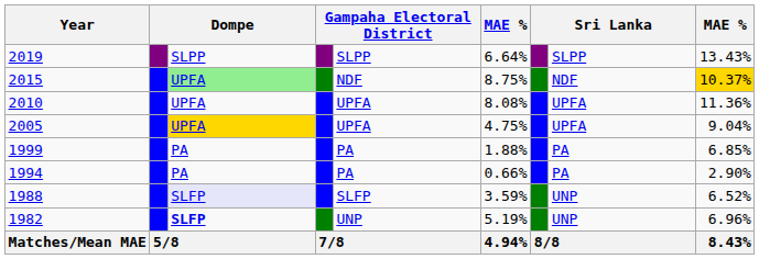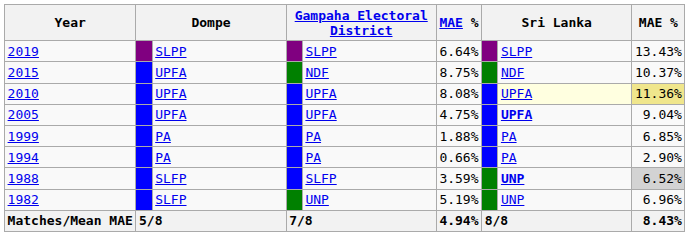 <table class="wikitable">
 <tr>
 <th>Year</th>
 <th colspan="2" width="144px">Dompe</th>
 <th colspan="2" width="144px"><a href='#'>Gampaha Electoral District</a></th>
 <th><a href='#'>MAE</a> %</th>
 <th colspan="2" width="144px">Sri Lanka</th>
 <th>MAE %</th>
 </tr>
 <tr>
 <td><a href='#'>2019</a></td>
 <td style="background-color:purple;" width="10px"></td>
 <td style="text-align:left;"><a href='#'>SLPP</a></td>
 <td style="background-color:purple;" width="10px"></td>
 <td style="text-align:left;"><a href='#'>SLPP</a></td>
 <td style="text-align:right;">6.64%</td>
 <td style="background-color:purple;" width="10px"></td>
 <td style="text-align:left;"><a href='#'>SLPP</a></td>
 <td style="text-align:right;">13.43%</td>
 </tr>
 <tr>
 <td><a href='#'>2015</a></td>
 <td style="background-color:blue;" width="10px"></td>
-<td style="background: lightgreen; text-align:left;"><a href='#'>UPFA</a></td>
+<td style="text-align:left;"><a href='#'>UPFA</a></td>
 <td style="background-color:green;" width="10px"></td>
 <td style="text-align:left;"><a href='#'>NDF</a></td>
 <td style="text-align:right;">8.75%</td>
 <td style="background-color:green;" width="10px"></td>
 <td style="text-align:left;"><a href='#'>NDF</a></td>
-<td style="background: gold; text-align:right;">10.37%</td>
+<td style="text-align:right;">10.37%</td>
 </tr>
 <tr>
 <td><a href='#'>2010</a></td>
 <td style="background-color:blue;" width="10px"></td>
 <td style="text-align:left;"><a href='#'>UPFA</a></td>
 <td style="background-color:blue;" width="10px"></td>
 <td style="text-align:left;"><a href='#'>UPFA</a></td>
 <td style="text-align:right;">8.08%</td>
 <td style="background-color:blue;" width="10px"></td>
-<td style="text-align:left;"><a href='#'>UPFA</a></td>
-<td style="text-align:right;">11.36%</td>
+<td style="background: lightyellow; text-align:left;"><a href='#'>UPFA</a></td>
+<td style="background: khaki; text-align:right;">11.36%</td>
 </tr>
 <tr>
 <td><a href='#'>2005</a></td>
 <td style="background-color:blue;" width="10px"></td>
-<td style="background: gold; text-align:left;"><a href='#'>UPFA</a></td>
+<td style="text-align:left;"><a href='#'>UPFA</a></td>
 <td style="background-color:blue;" width="10px"></td>
 <td style="text-align:left;"><a href='#'>UPFA</a></td>
 <td style="text-align:right;">4.75%</td>
 <td style="background-color:blue;" width="10px"></td>
-<td style="text-align:left;"><a href='#'>UPFA</a></td>
+<td style="text-align:left;"><strong><a href='#'>UPFA</a></strong></td>
 <td style="text-align:right;">9.04%</td>
 </tr>
 <tr>
 <td><a href='#'>1999</a></td>
 <td style="background-color:blue;" width="10px"></td>
 <td style="text-align:left;"><a href='#'>PA</a></td>
 <td style="background-color:blue;" width="10px"></td>
 <td style="text-align:left;"><a href='#'>PA</a></td>
 <td style="text-align:right;">1.88%</td>
 <td style="background-color:blue;" width="10px"></td>
 <td style="text-align:left;"><a href='#'>PA</a></td>
 <td style="text-align:right;">6.85%</td>
 </tr>
 <tr>
 <td><a href='#'>1994</a></td>
 <td style="background-color:blue;" width="10px"></td>
 <td style="text-align:left;"><a href='#'>PA</a></td>
 <td style="background-color:blue;" width="10px"></td>
 <td style="text-align:left;"><a href='#'>PA</a></td>
 <td style="text-align:right;">0.66%</td>
 <td style="background-color:blue;" width="10px"></td>
 <td style="text-align:left;"><a href='#'>PA</a></td>
 <td style="text-align:right;">2.90%</td>
 </tr>
 <tr>
 <td><a href='#'>1988</a></td>
 <td style="background-color:blue;" width="10px"></td>
-<td style="background: lavender; text-align:left;"><a href='#'>SLFP</a></td>
+<td style="text-align:left;"><a href='#'>SLFP</a></td>
 <td style="background-color:blue;" width="10px"></td>
 <td style="text-align:left;"><a href='#'>SLFP</a></td>
 <td style="text-align:right;">3.59%</td>
 <td style="background-color:green;" width="10px"></td>
-<td style="text-align:left;"><a href='#'>UNP</a></td>
-<td style="text-align:right;">6.52%</td>
+<td style="text-align:left;"><strong><a href='#'>UNP</a></strong></td>
+<td style="background: lightgrey; text-align:right;">6.52%</td>
 </tr>
 <tr>
 <td><a href='#'>1982</a></td>
 <td style="background-color:blue;" width="10px"></td>
-<td style="text-align:left;"><strong><a href='#'>SLFP</a></strong></td>
+<td style="text-align:left;"><a href='#'>SLFP</a></td>
 <td style="background-color:green;" width="10px"></td>
 <td style="text-align:left;"><a href='#'>UNP</a></td>
 <td style="text-align:right;">5.19%</td>
 <td style="background-color:green;" width="10px"></td>
 <td style="text-align:left;"><a href='#'>UNP</a></td>
 <td style="text-align:right;">6.96%</td>
 </tr>
 <tr>
 <th>Matches/Mean MAE</th>
 <th style="text-align:left;"colspan="2" width="144px">5/8</th>
 <th style="text-align:left;"colspan="2" width="144px">7/8</th>
 <th style="text-align:right;">4.94%</th>
 <th style="text-align:left;"colspan="2" width="144px">8/8</th>
 <th style="text-align:right;">8.43%</th>
 </tr>
 </table>
